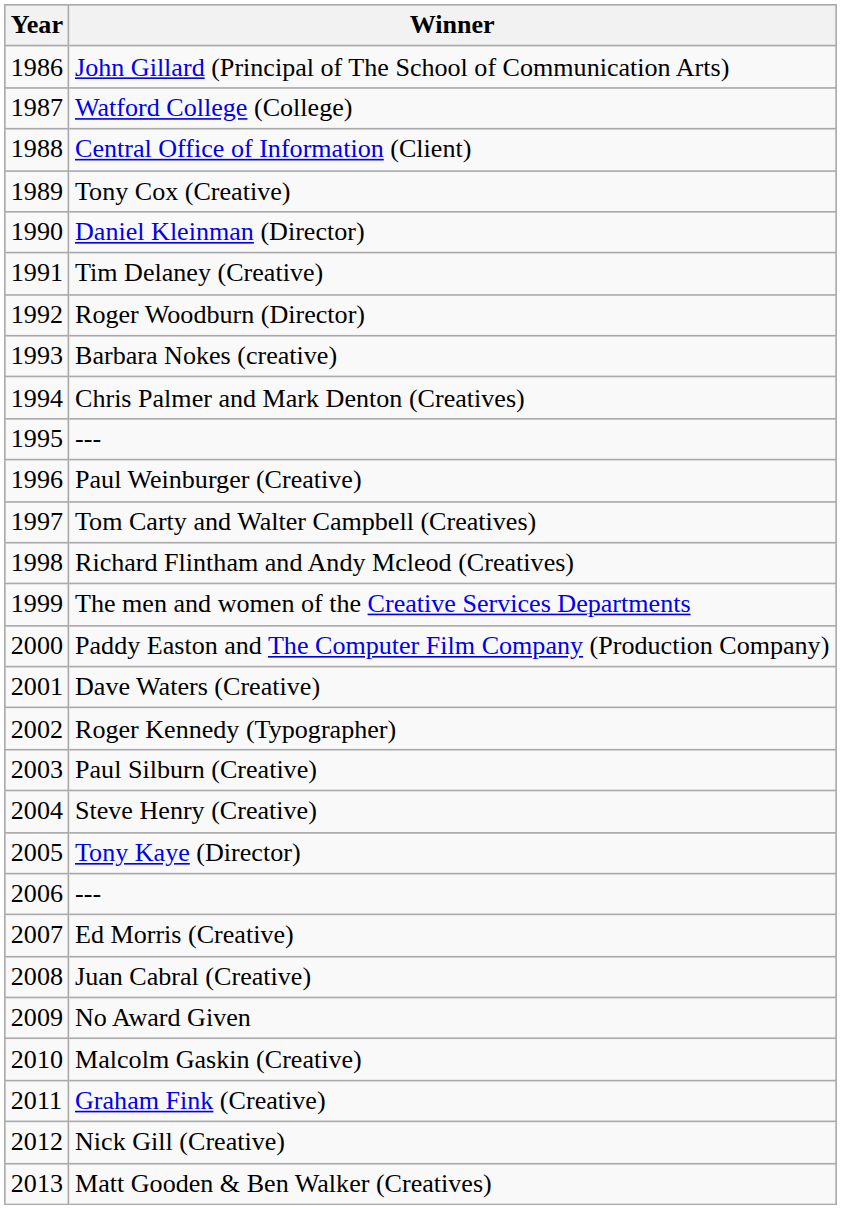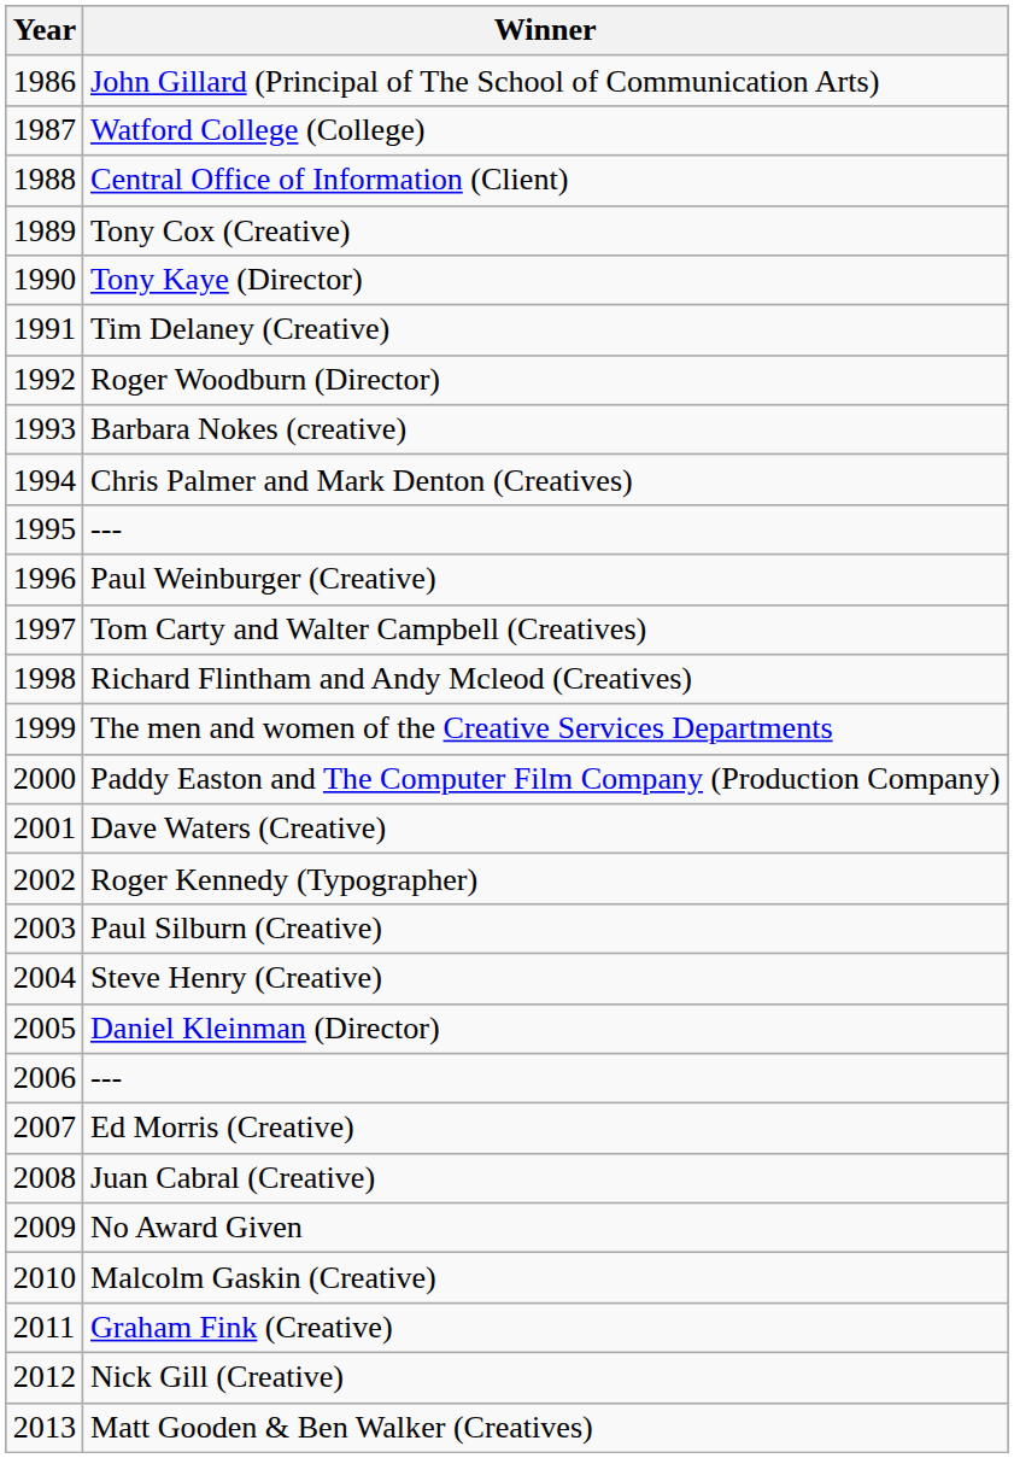 <table class="wikitable">
 <tr>
 <th>Year</th>
 <th>Winner</th>
 </tr>
 <tr>
 <td>1986</td>
 <td><a href='#'>John Gillard</a> (Principal of The School of Communication Arts)</td>
 </tr>
 <tr>
 <td>1987</td>
 <td><a href='#'>Watford College</a> (College)</td>
 </tr>
 <tr>
 <td>1988</td>
 <td><a href='#'>Central Office of Information</a> (Client)</td>
 </tr>
 <tr>
 <td>1989</td>
 <td>Tony Cox (Creative)</td>
 </tr>
 <tr>
 <td>1990</td>
-<td><a href='#'>Daniel Kleinman</a> (Director)</td>
+<td><a href='#'>Tony Kaye</a> (Director)</td>
 </tr>
 <tr>
 <td>1991</td>
 <td>Tim Delaney (Creative)</td>
 </tr>
 <tr>
 <td>1992</td>
 <td>Roger Woodburn (Director)</td>
 </tr>
 <tr>
 <td>1993</td>
 <td>Barbara Nokes (creative)</td>
 </tr>
 <tr>
 <td>1994</td>
 <td>Chris Palmer and Mark Denton (Creatives)</td>
 </tr>
 <tr>
 <td>1995</td>
 <td>---</td>
 </tr>
 <tr>
 <td>1996</td>
 <td>Paul Weinburger (Creative)</td>
 </tr>
 <tr>
 <td>1997</td>
 <td>Tom Carty and Walter Campbell (Creatives)</td>
 </tr>
 <tr>
 <td>1998</td>
 <td>Richard Flintham and Andy Mcleod (Creatives)</td>
 </tr>
 <tr>
 <td>1999</td>
 <td>The men and women of the <a href='#'>Creative Services Departments</a></td>
 </tr>
 <tr>
 <td>2000</td>
 <td>Paddy Easton and <a href='#'>The Computer Film Company</a> (Production Company)</td>
 </tr>
 <tr>
 <td>2001</td>
 <td>Dave Waters (Creative)</td>
 </tr>
 <tr>
 <td>2002</td>
 <td>Roger Kennedy (Typographer)</td>
 </tr>
 <tr>
 <td>2003</td>
 <td>Paul Silburn (Creative)</td>
 </tr>
 <tr>
 <td>2004</td>
 <td>Steve Henry (Creative)</td>
 </tr>
 <tr>
 <td>2005</td>
-<td><a href='#'>Tony Kaye</a> (Director)</td>
+<td><a href='#'>Daniel Kleinman</a> (Director)</td>
 </tr>
 <tr>
 <td>2006</td>
 <td>---</td>
 </tr>
 <tr>
 <td>2007</td>
 <td>Ed Morris (Creative)</td>
 </tr>
 <tr>
 <td>2008</td>
 <td>Juan Cabral (Creative)</td>
 </tr>
 <tr>
 <td>2009</td>
 <td>No Award Given</td>
 </tr>
 <tr>
 <td>2010</td>
 <td>Malcolm Gaskin (Creative)</td>
 </tr>
 <tr>
 <td>2011</td>
 <td><a href='#'>Graham Fink</a> (Creative)</td>
 </tr>
 <tr>
 <td>2012</td>
 <td>Nick Gill (Creative)</td>
 </tr>
 <tr>
 <td>2013</td>
 <td>Matt Gooden & Ben Walker (Creatives)</td>
 </tr>
 </table>
